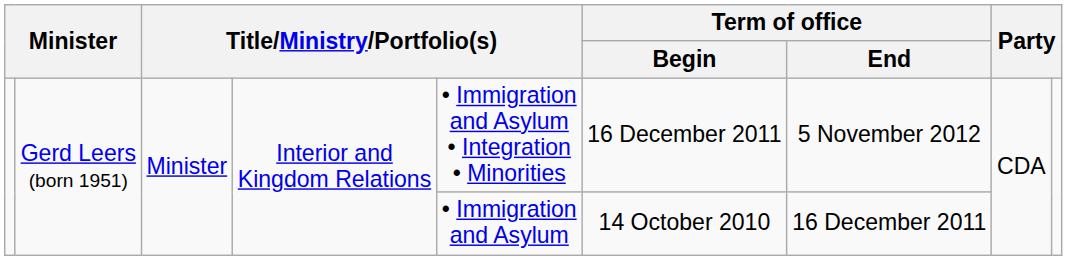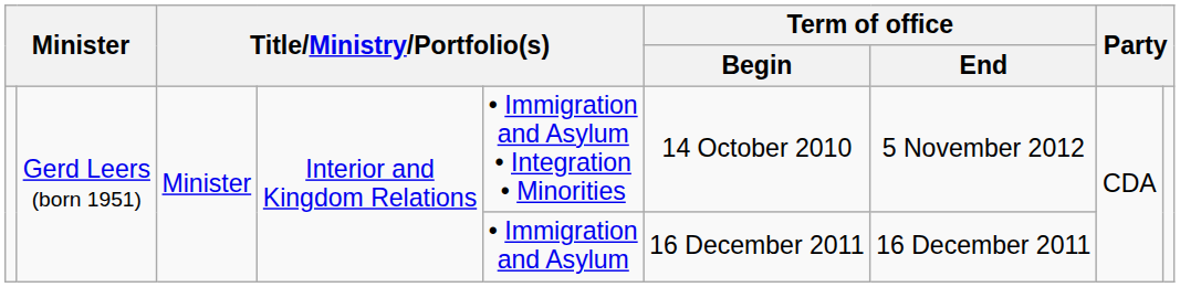 <table class="wikitable sortable" style="text-align:center">
 <tr>
 <th rowspan=2 colspan=2>Minister</th>
 <th colspan=3 rowspan=2>Title/<a href='#'>Ministry</a>/Portfolio(s)</th>
 <th class=unsortable colspan="2">Term of office</th>
 <th rowspan=2 colspan=2>Party</th>
 </tr>
 <tr>
 <th data-sort-type=date>Begin</th>
 <th data-sort-type=date>End</th>
 </tr>
 <tr>
 <td rowspan=2></td>
 <td rowspan=2><a href='#'>Gerd Leers</a> <br> <small>(born 1951)</small></td>
 <td rowspan=2><a href='#'>Minister</a></td>
 <td rowspan=2><a href='#'>Interior and <br> Kingdom Relations</a></td>
 <td>• <a href='#'>Immigration <br> and Asylum</a> <br> • <a href='#'>Integration</a> <br> • <a href='#'>Minorities</a></td>
-<td>16 December 2011</td>
+<td>14 October 2010</td>
 <td>5 November 2012</td>
 <td rowspan=2>CDA</td>
 <td rowspan=2 style="background:"></td>
 </tr>
 <tr>
 <td>• <a href='#'>Immigration <br> and Asylum</a></td>
-<td>14 October 2010</td>
+<td>16 December 2011</td>
 <td>16 December 2011</td>
 </tr>
 </table>
